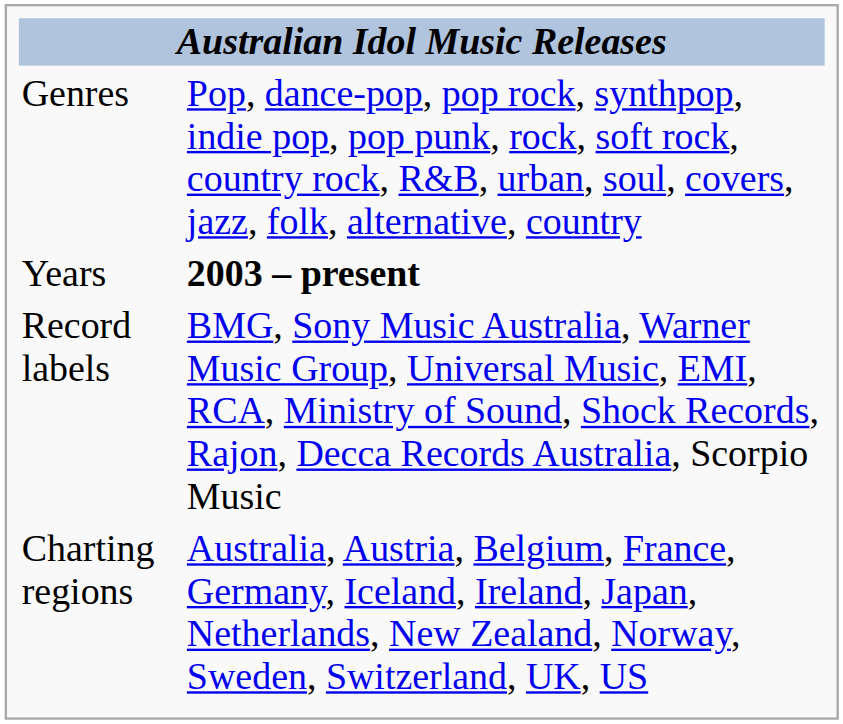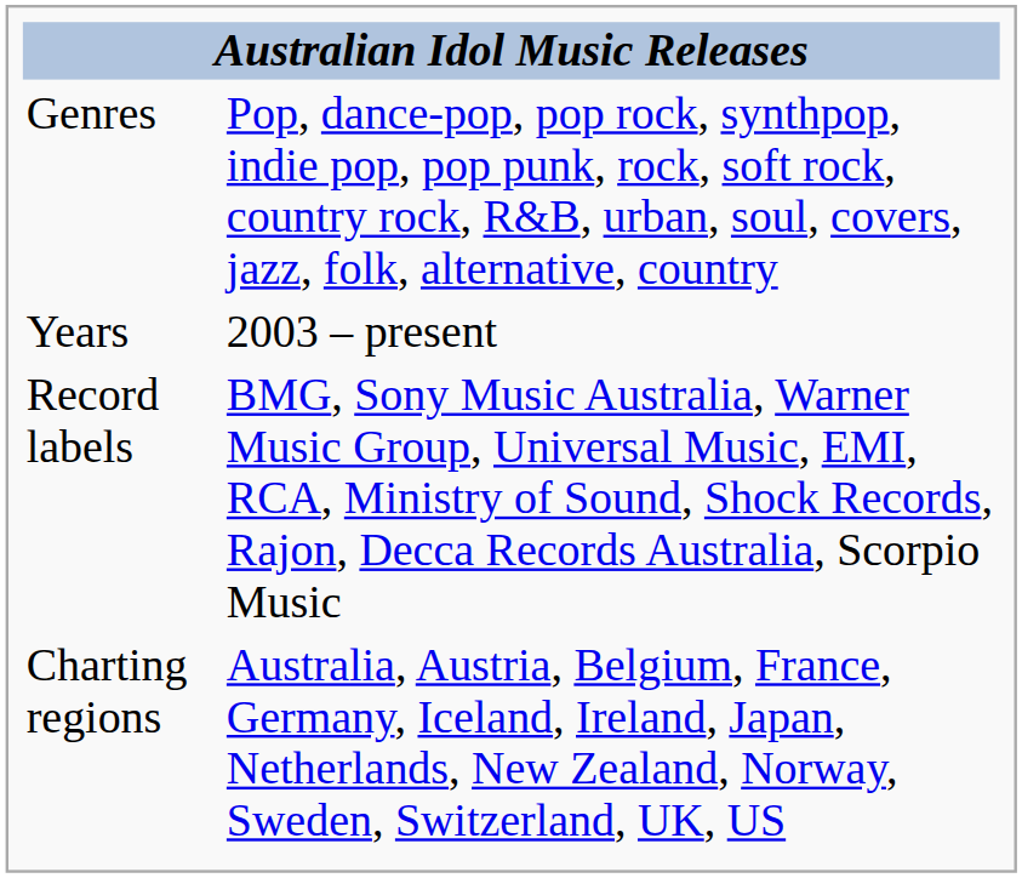 <table class=infobox style=width:22em>
 <tr>
 <td colspan="3" style="background: LightSteelBlue; text-align:center;"><strong><em>Australian Idol<em> Music Releases <strong></td>
 </tr>
 <tr>
 <td></strong>Genres<strong></td>
 <td><a href='#'>Pop</a>, <a href='#'>dance-pop</a>, <a href='#'>pop rock</a>, <a href='#'>synthpop</a>, <a href='#'>indie pop</a>, <a href='#'>pop punk</a>, <a href='#'>rock</a>, <a href='#'>soft rock</a>, <a href='#'>country rock</a>, <a href='#'>R&B</a>, <a href='#'>urban</a>, <a href='#'>soul</a>, <a href='#'>covers</a>, <a href='#'>jazz</a>, <a href='#'>folk</a>, <a href='#'>alternative</a>, <a href='#'>country</a></td>
 </tr>
 <tr>
 <td></strong>Years<strong></td>
-<td><strong>2003 – present</strong></td>
+<td>2003 – present</td>
 </tr>
 <tr>
 <td></strong>Record labels<strong></td>
 <td><a href='#'>BMG</a>, <a href='#'>Sony Music Australia</a>, <a href='#'>Warner Music Group</a>, <a href='#'>Universal Music</a>, <a href='#'>EMI</a>, <a href='#'>RCA</a>, <a href='#'>Ministry of Sound</a>, <a href='#'>Shock Records</a>, <a href='#'>Rajon</a>, <a href='#'>Decca Records Australia</a>, Scorpio Music</td>
 </tr>
 <tr>
 <td></strong>Charting regions<strong></td>
 <td><a href='#'>Australia</a>, <a href='#'>Austria</a>, <a href='#'>Belgium</a>, <a href='#'>France</a>, <a href='#'>Germany</a>, <a href='#'>Iceland</a>, <a href='#'>Ireland</a>, <a href='#'>Japan</a>, <a href='#'>Netherlands</a>, <a href='#'>New Zealand</a>, <a href='#'>Norway</a>, <a href='#'>Sweden</a>, <a href='#'>Switzerland</a>, <a href='#'>UK</a>, <a href='#'>US</a></td>
 </tr>
 <tr>
 </tr>
 </table>
